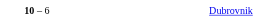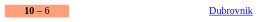 <table style="text-align:center">
 <tr>
 <th width=200></th>
 <th width=100></th>
 <th width=200></th>
 <th width=100></th>
 </tr>
 <tr>
 <td align=right><strong></strong></td>
-<td><strong>10</strong> – 6</td>
+<td style="background: lightsalmon;"><strong>10</strong> – 6</td>
 <td align=left></td>
 <td><a href='#'>Dubrovnik</a></td>
 </tr>
 </table>
